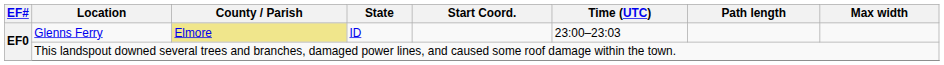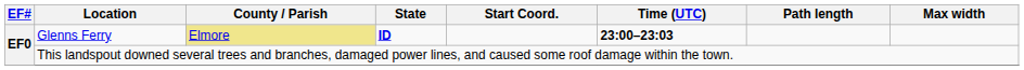 <table class="wikitable sortable" style="width:100%;">
 <tr>
 <th scope="col" width="2%" align="center"><a href='#'>EF#</a></th>
 <th scope="col" align="center" class="unsortable">Location</th>
 <th scope="col" align="center" class="unsortable">County / Parish</th>
 <th scope="col" align="center">State</th>
 <th scope="col" align="center">Start Coord.</th>
 <th scope="col" align="center">Time (<a href='#'>UTC</a>)</th>
 <th scope="col" align="center">Path length</th>
 <th scope="col" align="center">Max width</th>
 </tr>
 <tr>
 <th scope="row" rowspan="2" style="background-color:#">EF0</th>
 <td><a href='#'>Glenns Ferry</a></td>
 <td style="background: khaki;"><a href='#'>Elmore</a></td>
-<td><a href='#'>ID</a></td>
+<td><strong><a href='#'>ID</a></strong></td>
 <td></td>
-<td>23:00–23:03</td>
+<td><strong>23:00–23:03</strong></td>
 <td></td>
 <td></td>
 </tr>
 <tr class="expand-child">
 <td colspan="8" style=" border-bottom: 1px solid black;">This landspout downed several trees and branches, damaged power lines, and caused some roof damage within the town.</td>
 </tr>
 <tr>
 </tr>
 </table>
